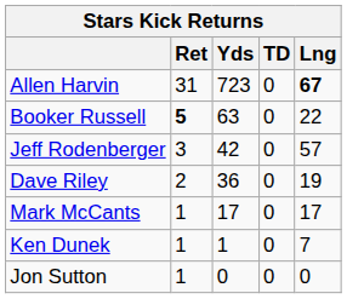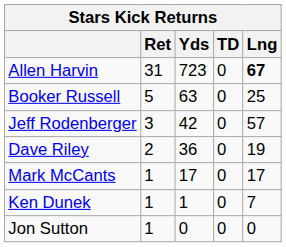 <table class="wikitable">
 <tr>
 <th colspan="5">Stars Kick Returns</th>
 </tr>
 <tr>
 <th></th>
 <th>Ret</th>
 <th>Yds</th>
 <th>TD</th>
 <th>Lng</th>
 </tr>
 <tr>
 <td><a href='#'>Allen Harvin</a></td>
 <td>31</td>
 <td>723</td>
 <td>0</td>
 <td><strong>67</strong></td>
 </tr>
 <tr>
 <td><a href='#'>Booker Russell</a></td>
-<td><strong>5</strong></td>
+<td>5</td>
 <td>63</td>
 <td>0</td>
-<td>22</td>
+<td>25</td>
 </tr>
 <tr>
 <td><a href='#'>Jeff Rodenberger</a></td>
 <td>3</td>
 <td>42</td>
 <td>0</td>
 <td>57</td>
 </tr>
 <tr>
 <td><a href='#'>Dave Riley</a></td>
 <td>2</td>
 <td>36</td>
 <td>0</td>
 <td>19</td>
 </tr>
 <tr>
 <td><a href='#'>Mark McCants</a></td>
 <td>1</td>
 <td>17</td>
 <td>0</td>
 <td>17</td>
 </tr>
 <tr>
 <td><a href='#'>Ken Dunek</a></td>
 <td>1</td>
 <td>1</td>
 <td>0</td>
 <td>7</td>
 </tr>
 <tr>
 <td>Jon Sutton</td>
 <td>1</td>
 <td>0</td>
 <td>0</td>
 <td>0</td>
 </tr>
 </table>
